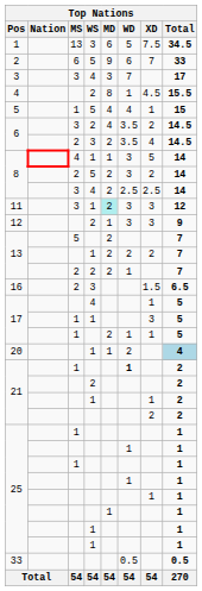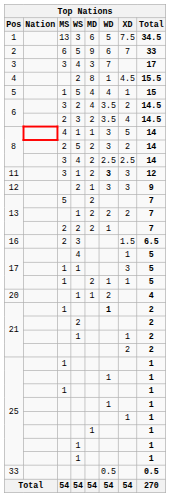 <table class="wikitable" style="text-align:center">
 <tr>
 <th colspan="10">Top Nations</th>
 </tr>
 <tr>
 <th>Pos</th>
 <th>Nation</th>
 <th>MS</th>
 <th>WS</th>
 <th>MD</th>
 <th>WD</th>
 <th>XD</th>
 <th>Total</th>
 </tr>
 <tr>
 <td>1</td>
 <td align="left"></td>
 <td>13</td>
 <td>3</td>
 <td>6</td>
 <td>5</td>
 <td>7.5</td>
 <td><strong>34.5</strong></td>
 </tr>
 <tr>
 <td>2</td>
 <td align="left"></td>
 <td>6</td>
 <td>5</td>
 <td>9</td>
 <td>6</td>
 <td>7</td>
 <td><strong>33</strong></td>
 </tr>
 <tr>
 <td>3</td>
 <td align="left"></td>
 <td>3</td>
 <td>4</td>
 <td>3</td>
 <td>7</td>
 <td></td>
 <td><strong>17</strong></td>
 </tr>
 <tr>
 <td>4</td>
 <td align="left"></td>
 <td></td>
 <td>2</td>
 <td>8</td>
 <td>1</td>
 <td>4.5</td>
 <td><strong>15.5</strong></td>
 </tr>
 <tr>
 <td>5</td>
 <td align="left"></td>
 <td>1</td>
 <td>5</td>
 <td>4</td>
 <td>4</td>
 <td>1</td>
 <td><strong>15</strong></td>
 </tr>
 <tr>
 <td rowspan="2">6</td>
 <td align="left"></td>
 <td>3</td>
 <td>2</td>
 <td>4</td>
 <td>3.5</td>
 <td>2</td>
 <td><strong>14.5</strong></td>
 </tr>
 <tr>
 <td align="left"><em></em></td>
 <td>2</td>
 <td>3</td>
 <td>2</td>
 <td>3.5</td>
 <td>4</td>
 <td><strong>14.5</strong></td>
 </tr>
 <tr>
 <td rowspan="3">8</td>
 <td align="left" style="border: 3px solid red"><strong></strong></td>
 <td>4</td>
 <td>1</td>
 <td>1</td>
 <td>3</td>
 <td>5</td>
 <td><strong>14</strong></td>
 </tr>
 <tr>
 <td align="left"></td>
 <td>2</td>
 <td>5</td>
 <td>2</td>
 <td>3</td>
 <td>2</td>
 <td><strong>14</strong></td>
 </tr>
 <tr>
 <td align="left"></td>
 <td>3</td>
 <td>4</td>
 <td>2</td>
 <td>2.5</td>
 <td>2.5</td>
 <td><strong>14</strong></td>
 </tr>
 <tr>
 <td>11</td>
 <td align="left"></td>
 <td>3</td>
 <td>1</td>
-<td style="background: paleturquoise;">2</td>
-<td>3</td>
+<td>2</td>
+<td><strong>3</strong></td>
 <td>3</td>
 <td><strong>12</strong></td>
 </tr>
 <tr>
 <td>12</td>
 <td align="left"></td>
 <td></td>
 <td>2</td>
 <td>1</td>
 <td>3</td>
 <td>3</td>
 <td><strong>9</strong></td>
 </tr>
 <tr>
 <td rowspan="3">13</td>
 <td align="left"></td>
 <td>5</td>
 <td></td>
 <td>2</td>
 <td></td>
 <td></td>
 <td><strong>7</strong></td>
 </tr>
 <tr>
 <td align="left"></td>
 <td></td>
 <td>1</td>
 <td>2</td>
 <td>2</td>
 <td>2</td>
 <td><strong>7</strong></td>
 </tr>
 <tr>
 <td align="left"><em></em></td>
 <td>2</td>
 <td>2</td>
 <td>2</td>
 <td>1</td>
 <td></td>
 <td><strong>7</strong></td>
 </tr>
 <tr>
 <td>16</td>
 <td align="left"></td>
 <td>2</td>
 <td>3</td>
 <td></td>
 <td></td>
 <td>1.5</td>
 <td><strong>6.5</strong></td>
 </tr>
 <tr>
 <td rowspan="3">17</td>
 <td align="left"></td>
 <td></td>
 <td>4</td>
 <td></td>
 <td></td>
 <td>1</td>
 <td><strong>5</strong></td>
 </tr>
 <tr>
 <td align="left"></td>
 <td>1</td>
 <td>1</td>
 <td></td>
 <td></td>
 <td>3</td>
 <td><strong>5</strong></td>
 </tr>
 <tr>
 <td align="left"></td>
 <td>1</td>
 <td></td>
 <td>2</td>
 <td>1</td>
 <td>1</td>
 <td><strong>5</strong></td>
 </tr>
 <tr>
 <td rowspan="1">20</td>
 <td align="left"></td>
 <td></td>
 <td>1</td>
 <td>1</td>
 <td>2</td>
 <td></td>
-<td style="background: lightblue;"><strong>4</strong></td>
+<td><strong>4</strong></td>
 </tr>
 <tr>
 <td rowspan="4">21</td>
 <td align="left"><em></em></td>
 <td>1</td>
 <td></td>
 <td></td>
 <td><strong>1</strong></td>
 <td></td>
 <td><strong>2</strong></td>
 </tr>
 <tr>
 <td align="left"><em></em></td>
 <td></td>
 <td>2</td>
 <td></td>
 <td></td>
 <td></td>
 <td><strong>2</strong></td>
 </tr>
 <tr>
 <td align="left"></td>
 <td></td>
 <td>1</td>
 <td></td>
 <td></td>
 <td>1</td>
 <td><strong>2</strong></td>
 </tr>
 <tr>
 <td align="left"></td>
 <td></td>
 <td></td>
 <td></td>
 <td></td>
 <td>2</td>
 <td><strong>2</strong></td>
 </tr>
 <tr>
 <td rowspan="8">25</td>
 <td align="left"></td>
 <td>1</td>
 <td></td>
 <td></td>
 <td></td>
 <td></td>
 <td><strong>1</strong></td>
 </tr>
 <tr>
 <td align="left"></td>
 <td></td>
 <td></td>
 <td></td>
 <td>1</td>
 <td></td>
 <td><strong>1</strong></td>
 </tr>
 <tr>
 <td align="left"></td>
 <td>1</td>
 <td></td>
 <td></td>
 <td></td>
 <td></td>
 <td><strong>1</strong></td>
 </tr>
 <tr>
 <td align="left"></td>
 <td></td>
 <td></td>
 <td></td>
 <td>1</td>
 <td></td>
 <td><strong>1</strong></td>
 </tr>
 <tr>
 <td align="left"></td>
 <td></td>
 <td></td>
 <td></td>
 <td></td>
 <td>1</td>
 <td><strong>1</strong></td>
 </tr>
 <tr>
 <td align="left"></td>
 <td></td>
 <td></td>
 <td>1</td>
 <td></td>
 <td></td>
 <td><strong>1</strong></td>
 </tr>
 <tr>
 <td align="left"></td>
 <td></td>
 <td>1</td>
 <td></td>
 <td></td>
 <td></td>
 <td><strong>1</strong></td>
 </tr>
 <tr>
 <td align="left"></td>
 <td></td>
 <td>1</td>
 <td></td>
 <td></td>
 <td></td>
 <td><strong>1</strong></td>
 </tr>
 <tr>
 <td>33</td>
 <td align="left"></td>
 <td></td>
 <td></td>
 <td></td>
 <td>0.5</td>
 <td></td>
 <td><strong>0.5</strong></td>
 </tr>
 <tr>
 <th colspan="2">Total</th>
 <th>54</th>
 <th>54</th>
 <th>54</th>
 <th>54</th>
 <th>54</th>
 <th>270</th>
 </tr>
 </table>
